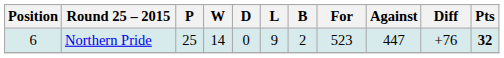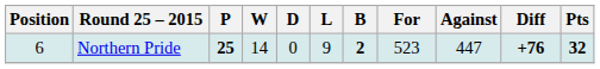 <table class="wikitable" style="text-align:center; font-size:85%;">
 <tr>
 <th width=40 abbr="Position">Position</th>
 <th width=100>Round 25 – 2015</th>
 <th width=20 abbr="Played">P</th>
 <th width=20 abbr="Won">W</th>
 <th width=20 abbr="Drawn">D</th>
 <th width=20 abbr="Lost">L</th>
 <th width=20 abbr="Bye">B</th>
 <th width=40 abbr="Points for">For</th>
 <th width=40 abbr="Points against">Against</th>
 <th width=40 abbr="Points difference">Diff</th>
 <th width=20 abbr="Points">Pts</th>
 </tr>
 <tr style="background: #d7ebed;">
 <td>6</td>
 <td style="text-align:left;"> <a href='#'>Northern Pride</a></td>
-<td>25</td>
+<td><strong>25</strong></td>
 <td>14</td>
 <td>0</td>
 <td>9</td>
-<td>2</td>
+<td><strong>2</strong></td>
 <td>523</td>
 <td>447</td>
-<td>+76</td>
+<td><strong>+76</strong></td>
 <td><strong>32</strong></td>
 </tr>
 <tr>
 </tr>
 </table>
